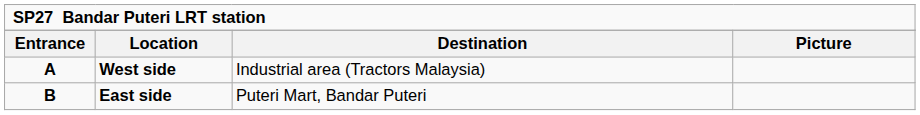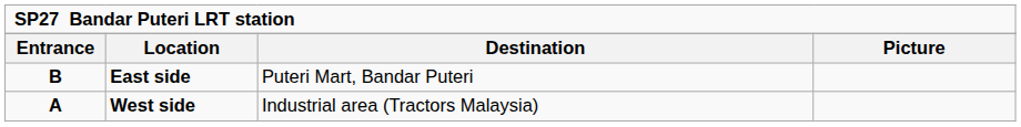 <table class="wikitable" style="width:70%">
 <tr>
 <td colspan=4 bgcolor=><span> <strong>SP27</strong> </span>  <strong>Bandar Puteri LRT station</strong></td>
 </tr>
 <tr>
 </tr>
 <tr>
 <th style="width:10%">Entrance</th>
 <th style="width:15%">Location</th>
 <th style="width:55%">Destination</th>
 <th style="width:20%;">Picture</th>
 </tr>
 <tr>
+<td align="center"><strong><span>B</span></strong></td>
+<td><strong>East side</strong></td>
+<td>Puteri Mart, Bandar Puteri</td>
+<td></td>
+</tr>
+<tr>
 <td align="center"><strong><span>A</span></strong></td>
 <td><strong>West side</strong></td>
 <td>Industrial area (Tractors Malaysia)</td>
 <td></td>
 </tr>
-<tr>
-<td align="center"><strong><span>B</span></strong></td>
-<td><strong>East side</strong></td>
-<td>Puteri Mart, Bandar Puteri</td>
-<td></td>
-</tr>
 </table>
